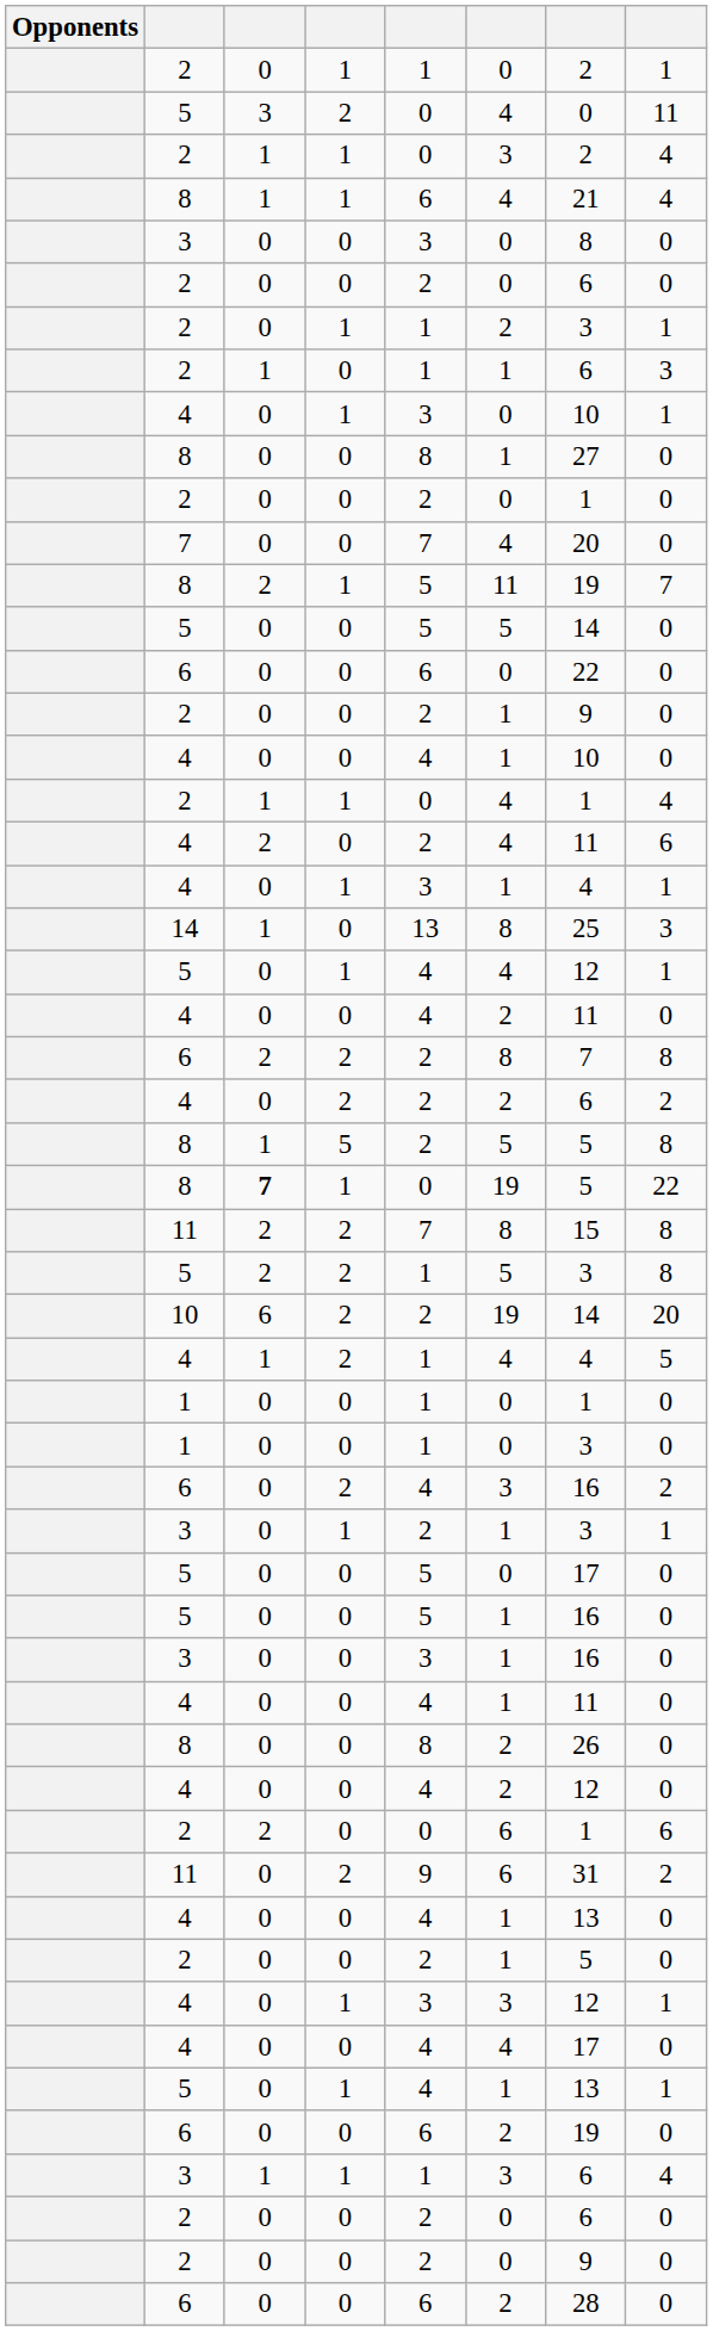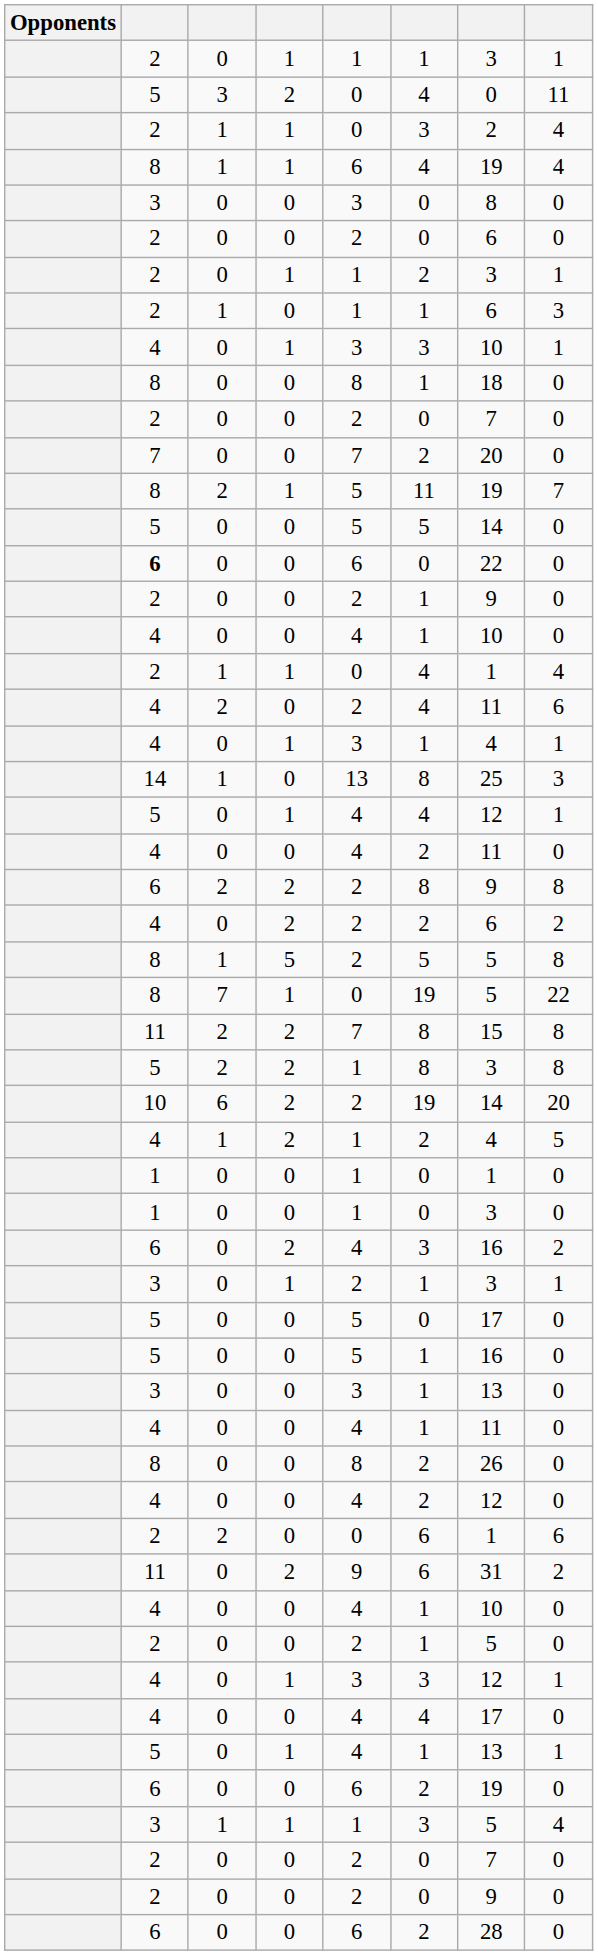 <table class="wikitable plainrowheaders sortable" style="text-align:center">
 <tr>
 <th scope="col">Opponents</th>
 <th width=40></th>
 <th width=40></th>
 <th width=40></th>
 <th width=40></th>
 <th width=40></th>
 <th width=40></th>
 <th width=40></th>
 </tr>
 <tr>
 <th scope="row" align="left"></th>
 <td>2</td>
 <td>0</td>
 <td>1</td>
 <td>1</td>
-<td>0</td>
-<td>2</td>
+<td>1</td>
+<td>3</td>
 <td>1</td>
 </tr>
 <tr>
 <th scope="row" align="left"></th>
 <td>5</td>
 <td>3</td>
 <td>2</td>
 <td>0</td>
 <td>4</td>
 <td>0</td>
 <td>11</td>
 </tr>
 <tr>
 <th scope="row" align="left"></th>
 <td>2</td>
 <td>1</td>
 <td>1</td>
 <td>0</td>
 <td>3</td>
 <td>2</td>
 <td>4</td>
 </tr>
 <tr>
 <th scope="row" align="left"></th>
 <td>8</td>
 <td>1</td>
 <td>1</td>
 <td>6</td>
 <td>4</td>
-<td>21</td>
+<td>19</td>
 <td>4</td>
 </tr>
 <tr>
 <th scope="row" align="left"></th>
 <td>3</td>
 <td>0</td>
 <td>0</td>
 <td>3</td>
 <td>0</td>
 <td>8</td>
 <td>0</td>
 </tr>
 <tr>
 <th scope="row" align="left"></th>
 <td>2</td>
 <td>0</td>
 <td>0</td>
 <td>2</td>
 <td>0</td>
 <td>6</td>
 <td>0</td>
 </tr>
 <tr>
 <th scope="row" align="left"></th>
 <td>2</td>
 <td>0</td>
 <td>1</td>
 <td>1</td>
 <td>2</td>
 <td>3</td>
 <td>1</td>
 </tr>
 <tr>
 <th scope="row" align="left"></th>
 <td>2</td>
 <td>1</td>
 <td>0</td>
 <td>1</td>
 <td>1</td>
 <td>6</td>
 <td>3</td>
 </tr>
 <tr>
 <th scope="row" align="left"></th>
 <td>4</td>
 <td>0</td>
 <td>1</td>
 <td>3</td>
-<td>0</td>
+<td>3</td>
 <td>10</td>
 <td>1</td>
 </tr>
 <tr>
 <th scope="row" align="left"></th>
 <td>8</td>
 <td>0</td>
 <td>0</td>
 <td>8</td>
 <td>1</td>
-<td>27</td>
+<td>18</td>
 <td>0</td>
 </tr>
 <tr>
 <th scope="row" align="left"></th>
 <td>2</td>
 <td>0</td>
 <td>0</td>
 <td>2</td>
 <td>0</td>
-<td>1</td>
+<td>7</td>
 <td>0</td>
 </tr>
 <tr>
 <th scope="row" align="left"></th>
 <td>7</td>
 <td>0</td>
 <td>0</td>
 <td>7</td>
-<td>4</td>
+<td>2</td>
 <td>20</td>
 <td>0</td>
 </tr>
 <tr>
 <th scope="row" align="left"></th>
 <td>8</td>
 <td>2</td>
 <td>1</td>
 <td>5</td>
 <td>11</td>
 <td>19</td>
 <td>7</td>
 </tr>
 <tr>
 <th scope="row" align="left"></th>
 <td>5</td>
 <td>0</td>
 <td>0</td>
 <td>5</td>
 <td>5</td>
 <td>14</td>
 <td>0</td>
 </tr>
 <tr>
 <th scope="row" align="left"></th>
-<td>6</td>
+<td><strong>6</strong></td>
 <td>0</td>
 <td>0</td>
 <td>6</td>
 <td>0</td>
 <td>22</td>
 <td>0</td>
 </tr>
 <tr>
 <th scope="row" align="left"></th>
 <td>2</td>
 <td>0</td>
 <td>0</td>
 <td>2</td>
 <td>1</td>
 <td>9</td>
 <td>0</td>
 </tr>
 <tr>
 <th scope="row" align="left"></th>
 <td>4</td>
 <td>0</td>
 <td>0</td>
 <td>4</td>
 <td>1</td>
 <td>10</td>
 <td>0</td>
 </tr>
 <tr>
 <th scope="row" align="left"></th>
 <td>2</td>
 <td>1</td>
 <td>1</td>
 <td>0</td>
 <td>4</td>
 <td>1</td>
 <td>4</td>
 </tr>
 <tr>
 <th scope="row" align="left"></th>
 <td>4</td>
 <td>2</td>
 <td>0</td>
 <td>2</td>
 <td>4</td>
 <td>11</td>
 <td>6</td>
 </tr>
 <tr>
 <th scope="row" align="left"></th>
 <td>4</td>
 <td>0</td>
 <td>1</td>
 <td>3</td>
 <td>1</td>
 <td>4</td>
 <td>1</td>
 </tr>
 <tr>
 <th scope="row" align="left"></th>
 <td>14</td>
 <td>1</td>
 <td>0</td>
 <td>13</td>
 <td>8</td>
 <td>25</td>
 <td>3</td>
 </tr>
 <tr>
 <th scope="row" align="left"></th>
 <td>5</td>
 <td>0</td>
 <td>1</td>
 <td>4</td>
 <td>4</td>
 <td>12</td>
 <td>1</td>
 </tr>
 <tr>
 <th scope="row" align="left"></th>
 <td>4</td>
 <td>0</td>
 <td>0</td>
 <td>4</td>
 <td>2</td>
 <td>11</td>
 <td>0</td>
 </tr>
 <tr>
 <th scope="row" align="left"></th>
 <td>6</td>
 <td>2</td>
 <td>2</td>
 <td>2</td>
 <td>8</td>
-<td>7</td>
+<td>9</td>
 <td>8</td>
 </tr>
 <tr>
 <th scope="row" align="left"></th>
 <td>4</td>
 <td>0</td>
 <td>2</td>
 <td>2</td>
 <td>2</td>
 <td>6</td>
 <td>2</td>
 </tr>
 <tr>
 <th scope="row" align="left"></th>
 <td>8</td>
 <td>1</td>
 <td>5</td>
 <td>2</td>
 <td>5</td>
 <td>5</td>
 <td>8</td>
 </tr>
 <tr>
 <th scope="row" align="left"></th>
 <td>8</td>
-<td><strong>7</strong></td>
+<td>7</td>
 <td>1</td>
 <td>0</td>
 <td>19</td>
 <td>5</td>
 <td>22</td>
 </tr>
 <tr>
 <th scope="row" align="left"></th>
 <td>11</td>
 <td>2</td>
 <td>2</td>
 <td>7</td>
 <td>8</td>
 <td>15</td>
 <td>8</td>
 </tr>
 <tr>
 <th scope="row" align="left"></th>
 <td>5</td>
 <td>2</td>
 <td>2</td>
 <td>1</td>
-<td>5</td>
+<td>8</td>
 <td>3</td>
 <td>8</td>
 </tr>
 <tr>
 <th scope="row" align="left"></th>
 <td>10</td>
 <td>6</td>
 <td>2</td>
 <td>2</td>
 <td>19</td>
 <td>14</td>
 <td>20</td>
 </tr>
 <tr>
 <th scope="row" align="left"></th>
 <td>4</td>
 <td>1</td>
 <td>2</td>
 <td>1</td>
-<td>4</td>
+<td>2</td>
 <td>4</td>
 <td>5</td>
 </tr>
 <tr>
 <th scope="row" align="left"></th>
 <td>1</td>
 <td>0</td>
 <td>0</td>
 <td>1</td>
 <td>0</td>
 <td>1</td>
 <td>0</td>
 </tr>
 <tr>
 <th scope="row" align="left"></th>
 <td>1</td>
 <td>0</td>
 <td>0</td>
 <td>1</td>
 <td>0</td>
 <td>3</td>
 <td>0</td>
 </tr>
 <tr>
 <th scope="row" align="left"></th>
 <td>6</td>
 <td>0</td>
 <td>2</td>
 <td>4</td>
 <td>3</td>
 <td>16</td>
 <td>2</td>
 </tr>
 <tr>
 <th scope="row" align="left"></th>
 <td>3</td>
 <td>0</td>
 <td>1</td>
 <td>2</td>
 <td>1</td>
 <td>3</td>
 <td>1</td>
 </tr>
 <tr>
 <th scope="row" align="left"></th>
 <td>5</td>
 <td>0</td>
 <td>0</td>
 <td>5</td>
 <td>0</td>
 <td>17</td>
 <td>0</td>
 </tr>
 <tr>
 <th scope="row" align="left"></th>
 <td>5</td>
 <td>0</td>
 <td>0</td>
 <td>5</td>
 <td>1</td>
 <td>16</td>
 <td>0</td>
 </tr>
 <tr>
 <th scope="row" align="left"></th>
 <td>3</td>
 <td>0</td>
 <td>0</td>
 <td>3</td>
 <td>1</td>
-<td>16</td>
+<td>13</td>
 <td>0</td>
 </tr>
 <tr>
 <th scope="row" align="left"></th>
 <td>4</td>
 <td>0</td>
 <td>0</td>
 <td>4</td>
 <td>1</td>
 <td>11</td>
 <td>0</td>
 </tr>
 <tr>
 <th scope="row" align="left"></th>
 <td>8</td>
 <td>0</td>
 <td>0</td>
 <td>8</td>
 <td>2</td>
 <td>26</td>
 <td>0</td>
 </tr>
 <tr>
 <th scope="row" align="left"></th>
 <td>4</td>
 <td>0</td>
 <td>0</td>
 <td>4</td>
 <td>2</td>
 <td>12</td>
 <td>0</td>
 </tr>
 <tr>
 <th scope="row" align="left"></th>
 <td>2</td>
 <td>2</td>
 <td>0</td>
 <td>0</td>
 <td>6</td>
 <td>1</td>
 <td>6</td>
 </tr>
 <tr>
 <th scope="row" align="left"></th>
 <td>11</td>
 <td>0</td>
 <td>2</td>
 <td>9</td>
 <td>6</td>
 <td>31</td>
 <td>2</td>
 </tr>
 <tr>
 <th scope="row" align="left"></th>
 <td>4</td>
 <td>0</td>
 <td>0</td>
 <td>4</td>
 <td>1</td>
-<td>13</td>
+<td>10</td>
 <td>0</td>
 </tr>
 <tr>
 <th scope="row" align="left"></th>
 <td>2</td>
 <td>0</td>
 <td>0</td>
 <td>2</td>
 <td>1</td>
 <td>5</td>
 <td>0</td>
 </tr>
 <tr>
 <th scope="row" align="left"></th>
 <td>4</td>
 <td>0</td>
 <td>1</td>
 <td>3</td>
 <td>3</td>
 <td>12</td>
 <td>1</td>
 </tr>
 <tr>
 <th scope="row" align="left"></th>
 <td>4</td>
 <td>0</td>
 <td>0</td>
 <td>4</td>
 <td>4</td>
 <td>17</td>
 <td>0</td>
 </tr>
 <tr>
 <th scope="row" align="left"></th>
 <td>5</td>
 <td>0</td>
 <td>1</td>
 <td>4</td>
 <td>1</td>
 <td>13</td>
 <td>1</td>
 </tr>
 <tr>
 <th scope="row" align="left"></th>
 <td>6</td>
 <td>0</td>
 <td>0</td>
 <td>6</td>
 <td>2</td>
 <td>19</td>
 <td>0</td>
 </tr>
 <tr>
 <th scope="row" align="left"></th>
 <td>3</td>
 <td>1</td>
 <td>1</td>
 <td>1</td>
 <td>3</td>
-<td>6</td>
+<td>5</td>
 <td>4</td>
 </tr>
 <tr>
 <th scope="row" align="left"></th>
 <td>2</td>
 <td>0</td>
 <td>0</td>
 <td>2</td>
 <td>0</td>
-<td>6</td>
+<td>7</td>
 <td>0</td>
 </tr>
 <tr>
 <th scope="row" align="left"></th>
 <td>2</td>
 <td>0</td>
 <td>0</td>
 <td>2</td>
 <td>0</td>
 <td>9</td>
 <td>0</td>
 </tr>
 <tr>
 <th scope="row" align="left"></th>
 <td>6</td>
 <td>0</td>
 <td>0</td>
 <td>6</td>
 <td>2</td>
 <td>28</td>
 <td>0</td>
 </tr>
 </table>
